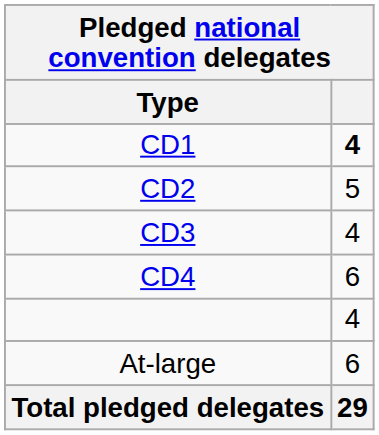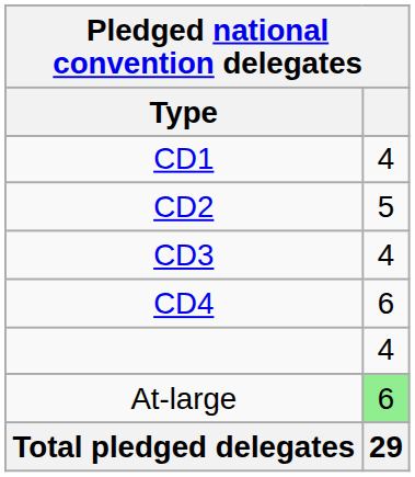 <table class="wikitable sortable" style="font-size:90%;text-align:center;float:none;padding:5px;">
 <tr>
 <th colspan="2">Pledged <a href='#'>national<br>convention</a> delegates</th>
 </tr>
 <tr>
 <th>Type</th>
 <th></th>
 </tr>
 <tr>
 <td><a href='#'>CD1</a></td>
-<td><strong>4</strong></td>
+<td>4</td>
 </tr>
 <tr>
 <td><a href='#'>CD2</a></td>
 <td>5</td>
 </tr>
 <tr>
 <td><a href='#'>CD3</a></td>
 <td>4</td>
 </tr>
 <tr>
 <td><a href='#'>CD4</a></td>
 <td>6</td>
 </tr>
 <tr>
 <td></td>
 <td>4</td>
 </tr>
 <tr>
 <td>At-large</td>
-<td>6</td>
+<td style="background: lightgreen;">6</td>
 </tr>
 <tr>
 <th>Total pledged delegates</th>
 <th>29</th>
 </tr>
 </table>
